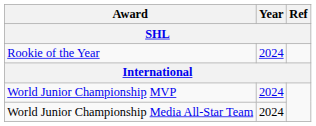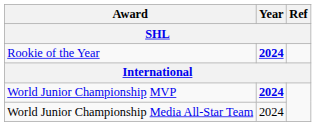 <table class="wikitable">
 <tr>
 <th>Award</th>
 <th>Year</th>
 <th>Ref</th>
 </tr>
 <tr>
 <th colspan="3"><a href='#'>SHL</a></th>
 </tr>
 <tr>
 <td><a href='#'>Rookie of the Year</a></td>
-<td><a href='#'>2024</a></td>
+<td><strong><a href='#'>2024</a></strong></td>
 <td></td>
 </tr>
 <tr>
 <th colspan="4"><a href='#'>International</a></th>
 </tr>
 <tr>
 <td><a href='#'>World Junior Championship</a> <a href='#'>MVP</a></td>
-<td><a href='#'>2024</a></td>
+<td><strong><a href='#'>2024</a></strong></td>
 <td rowspan="2"></td>
 </tr>
 <tr>
 <td>World Junior Championship <a href='#'>Media All-Star Team</a></td>
 <td>2024</td>
 </tr>
 </table>
